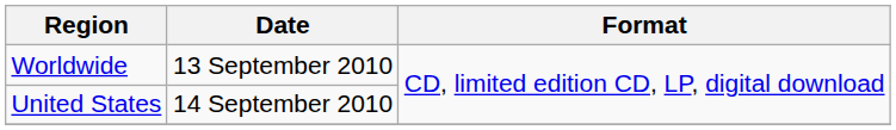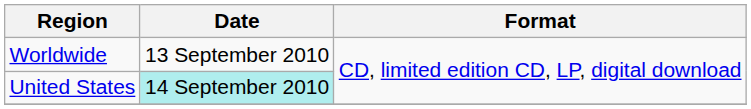 <table class="wikitable">
 <tr>
 <th>Region</th>
 <th>Date</th>
 <th>Format</th>
 </tr>
 <tr>
 <td><a href='#'>Worldwide</a></td>
 <td rowspan=1>13 September 2010</td>
 <td rowspan=2><a href='#'>CD</a>, <a href='#'>limited edition CD</a>, <a href='#'>LP</a>, <a href='#'>digital download</a></td>
 </tr>
 <tr>
 <td><a href='#'>United States</a></td>
-<td>14 September 2010</td>
+<td style="background: paleturquoise;">14 September 2010</td>
 </tr>
 <tr>
 </tr>
 </table>
